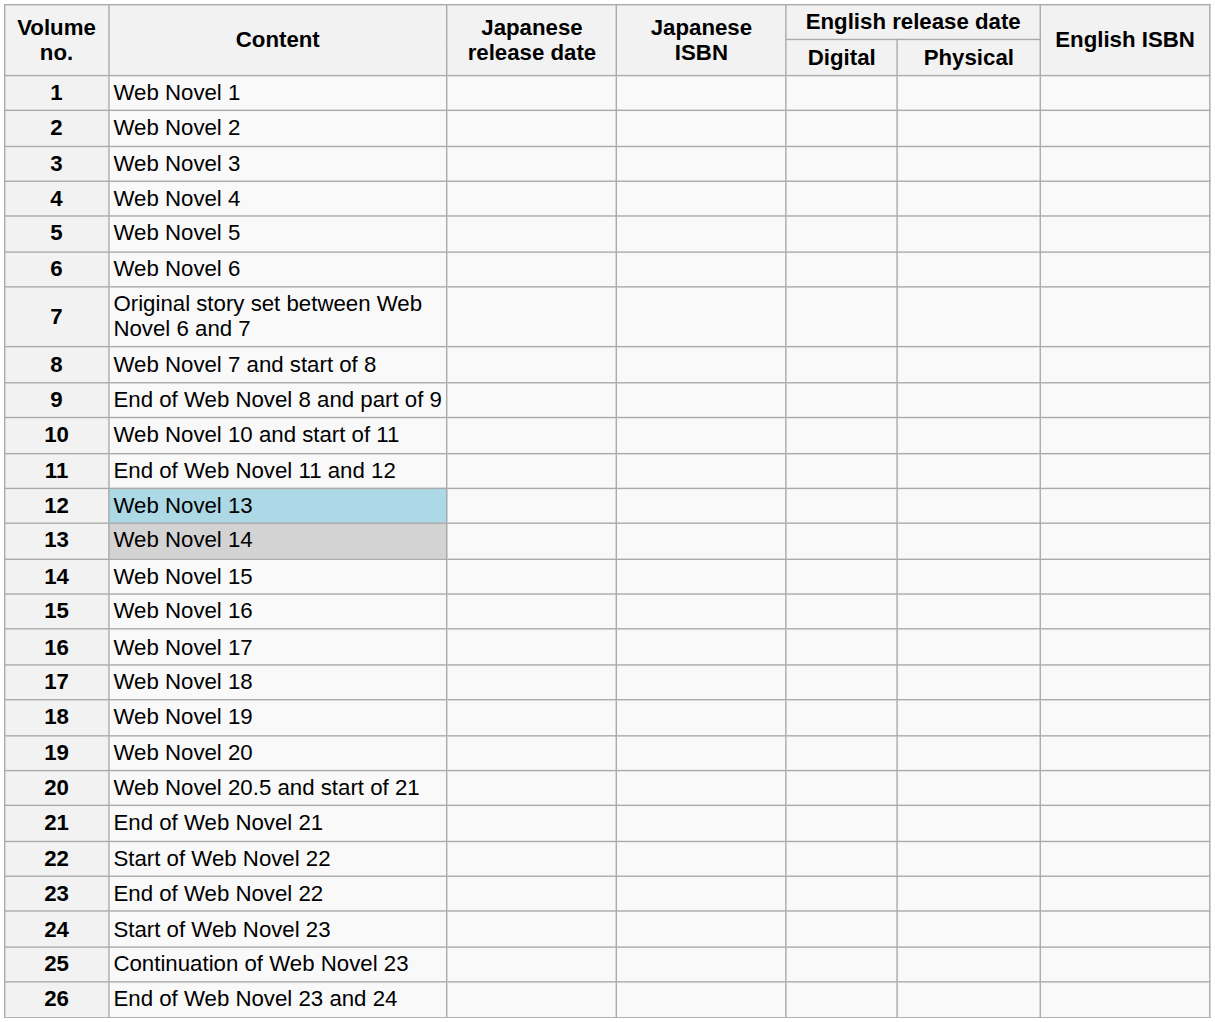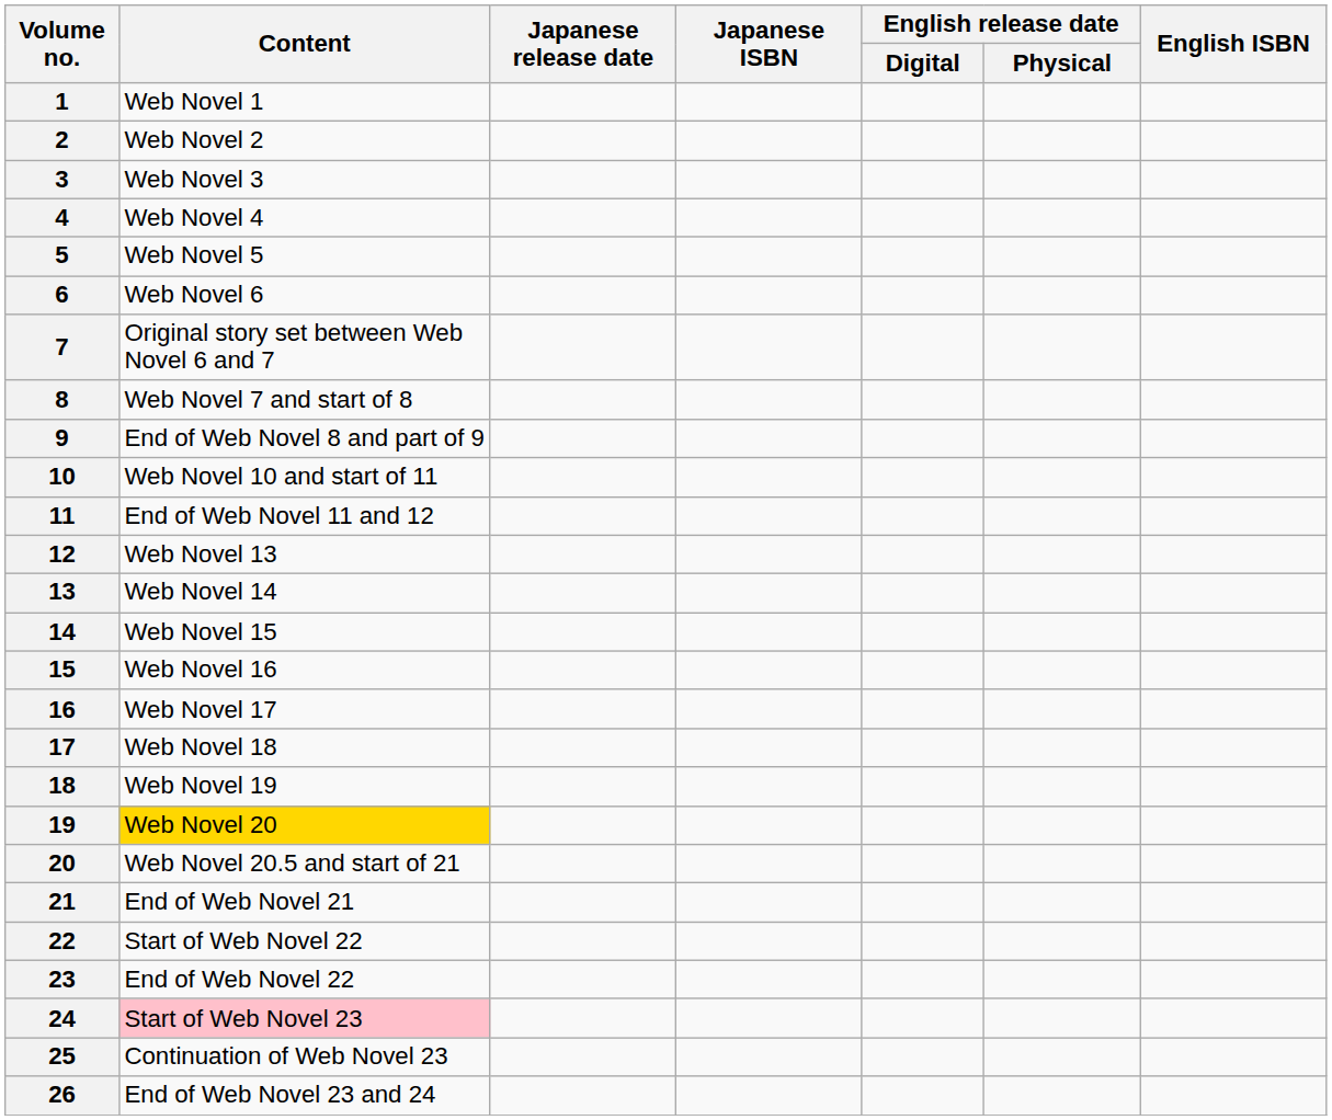 <table class="wikitable" style="text-align: center;">
 <tr>
 <th rowspan="2" scope="col" width="3%">Volume no.</th>
 <th rowspan="2" scope="col" width="20%">Content</th>
 <th rowspan="2" scope="col" width="10%">Japanese release date</th>
 <th rowspan="2" scope="col" width="10%">Japanese ISBN</th>
 <th colspan="2" scope="col" width="15%">English release date</th>
 <th rowspan="2" scope="col" width="10%">English ISBN</th>
 </tr>
 <tr>
 <th scope="col">Digital</th>
 <th scope="col">Physical</th>
 </tr>
 <tr>
 <th scope="row">1</th>
 <td style="text-align: left;">Web Novel 1</td>
 <td></td>
 <td></td>
 <td></td>
 <td></td>
 <td></td>
 </tr>
 <tr>
 <th scope="row">2</th>
 <td style="text-align: left;">Web Novel 2</td>
 <td></td>
 <td></td>
 <td></td>
 <td></td>
 <td></td>
 </tr>
 <tr>
 <th scope="row">3</th>
 <td style="text-align: left;">Web Novel 3</td>
 <td></td>
 <td></td>
 <td></td>
 <td></td>
 <td></td>
 </tr>
 <tr>
 <th scope="row">4</th>
 <td style="text-align: left;">Web Novel 4</td>
 <td></td>
 <td></td>
 <td></td>
 <td></td>
 <td></td>
 </tr>
 <tr>
 <th scope="row">5</th>
 <td style="text-align: left;">Web Novel 5</td>
 <td></td>
 <td></td>
 <td></td>
 <td></td>
 <td></td>
 </tr>
 <tr>
 <th scope="row">6</th>
 <td style="text-align: left;">Web Novel 6</td>
 <td></td>
 <td></td>
 <td></td>
 <td></td>
 <td></td>
 </tr>
 <tr>
 <th scope="row">7</th>
 <td style="text-align: left;">Original story set between Web Novel 6 and 7</td>
 <td></td>
 <td></td>
 <td></td>
 <td></td>
 <td></td>
 </tr>
 <tr>
 <th scope="row">8</th>
 <td style="text-align: left;">Web Novel 7 and start of 8</td>
 <td></td>
 <td></td>
 <td></td>
 <td></td>
 <td></td>
 </tr>
 <tr>
 <th scope="row">9</th>
 <td style="text-align: left;">End of Web Novel 8 and part of 9</td>
 <td></td>
 <td></td>
 <td></td>
 <td></td>
 <td></td>
 </tr>
 <tr>
 <th scope="row">10</th>
 <td style="text-align: left;">Web Novel 10 and start of 11</td>
 <td></td>
 <td></td>
 <td></td>
 <td></td>
 <td></td>
 </tr>
 <tr>
 <th scope="row">11</th>
 <td style="text-align: left;">End of Web Novel 11 and 12</td>
 <td></td>
 <td></td>
 <td></td>
 <td></td>
 <td></td>
 </tr>
 <tr>
 <th scope="row">12</th>
-<td style="background: lightblue; text-align: left;">Web Novel 13</td>
+<td style="text-align: left;">Web Novel 13</td>
 <td></td>
 <td></td>
 <td></td>
 <td></td>
 <td></td>
 </tr>
 <tr>
 <th scope="row">13</th>
-<td style="background: lightgrey; text-align: left;">Web Novel 14</td>
+<td style="text-align: left;">Web Novel 14</td>
 <td></td>
 <td></td>
 <td></td>
 <td></td>
 <td></td>
 </tr>
 <tr>
 <th scope="row">14</th>
 <td style="text-align: left;">Web Novel 15</td>
 <td></td>
 <td></td>
 <td></td>
 <td></td>
 <td></td>
 </tr>
 <tr>
 <th scope="row">15</th>
 <td style="text-align: left;">Web Novel 16</td>
 <td></td>
 <td></td>
 <td></td>
 <td></td>
 <td></td>
 </tr>
 <tr>
 <th scope="row">16</th>
 <td style="text-align: left;">Web Novel 17</td>
 <td></td>
 <td></td>
 <td></td>
 <td></td>
 <td></td>
 </tr>
 <tr>
 <th scope="row">17</th>
 <td style="text-align: left;">Web Novel 18</td>
 <td></td>
 <td></td>
 <td></td>
 <td></td>
 <td></td>
 </tr>
 <tr>
 <th scope="row">18</th>
 <td style="text-align: left;">Web Novel 19</td>
 <td></td>
 <td></td>
 <td></td>
 <td></td>
 <td></td>
 </tr>
 <tr>
 <th scope="row">19</th>
-<td style="text-align: left;">Web Novel 20</td>
+<td style="background: gold; text-align: left;">Web Novel 20</td>
 <td></td>
 <td></td>
 <td></td>
 <td></td>
 <td></td>
 </tr>
 <tr>
 <th scope="row">20</th>
 <td style="text-align: left;">Web Novel 20.5 and start of 21</td>
 <td></td>
 <td></td>
 <td></td>
 <td></td>
 <td></td>
 </tr>
 <tr>
 <th scope="row">21</th>
 <td style="text-align: left;">End of Web Novel 21</td>
 <td></td>
 <td></td>
 <td></td>
 <td></td>
 <td></td>
 </tr>
 <tr>
 <th scope="row">22</th>
 <td style="text-align: left;">Start of Web Novel 22</td>
 <td></td>
 <td></td>
 <td></td>
 <td></td>
 <td></td>
 </tr>
 <tr>
 <th scope="row">23</th>
 <td style="text-align: left;">End of Web Novel 22</td>
 <td></td>
 <td></td>
 <td></td>
 <td></td>
 <td></td>
 </tr>
 <tr>
 <th scope="row">24</th>
-<td style="text-align: left;">Start of Web Novel 23</td>
+<td style="background: pink; text-align: left;">Start of Web Novel 23</td>
 <td></td>
 <td></td>
 <td></td>
 <td></td>
 <td></td>
 </tr>
 <tr>
 <th scope="row">25</th>
 <td style="text-align: left;">Continuation of Web Novel 23</td>
 <td></td>
 <td></td>
 <td></td>
 <td></td>
 <td></td>
 </tr>
 <tr>
 <th scope="row">26</th>
 <td style="text-align: left;">End of Web Novel 23 and 24</td>
 <td></td>
 <td></td>
 <td></td>
 <td></td>
 <td></td>
 </tr>
 <tr>
 </tr>
 </table>
